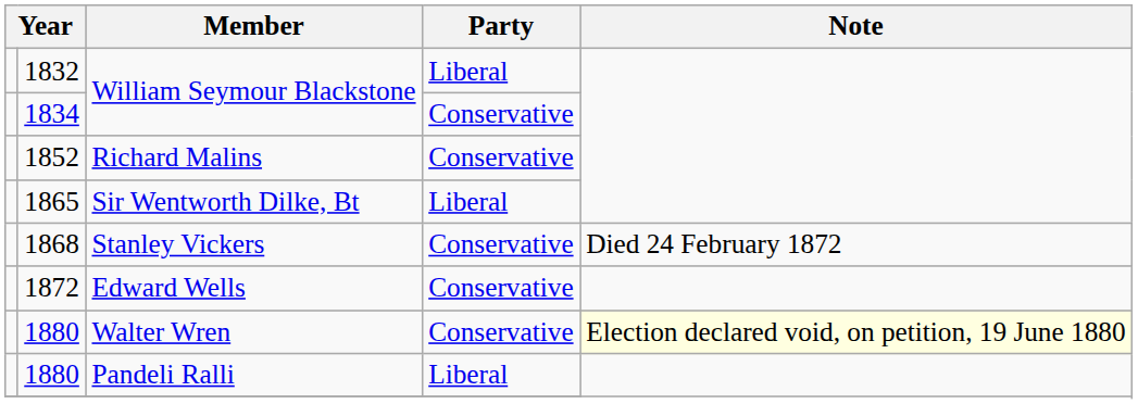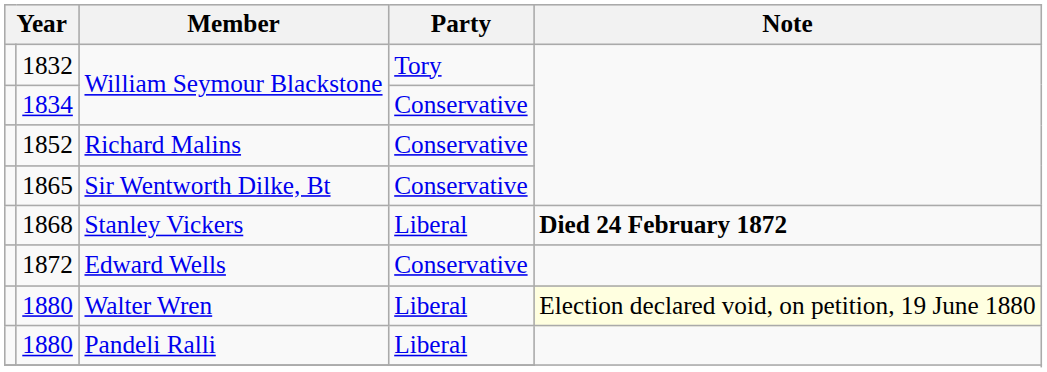 <table class="wikitable">
 <tr>
 <th colspan="2">Year</th>
 <th>Member</th>
 <th>Party</th>
 <th>Note</th>
 </tr>
 <tr>
 <td style="color:inherit;background-color: "></td>
 <td>1832</td>
 <td rowspan="2"><a href='#'>William Seymour Blackstone</a></td>
-<td><a href='#'>Liberal</a></td>
+<td><a href='#'>Tory</a></td>
 </tr>
 <tr>
 <td style="color:inherit;background-color: "></td>
 <td><a href='#'>1834</a></td>
 <td><a href='#'>Conservative</a></td>
 </tr>
 <tr>
 <td style="color:inherit;background-color: "></td>
 <td>1852</td>
 <td><a href='#'>Richard Malins</a></td>
 <td><a href='#'>Conservative</a></td>
 </tr>
 <tr>
 <td style="color:inherit;background-color: "></td>
 <td>1865</td>
 <td><a href='#'>Sir Wentworth Dilke, Bt</a></td>
-<td><a href='#'>Liberal</a></td>
+<td><a href='#'>Conservative</a></td>
 </tr>
 <tr>
 <td style="color:inherit;background-color: "></td>
 <td>1868</td>
 <td><a href='#'>Stanley Vickers</a></td>
-<td><a href='#'>Conservative</a></td>
-<td>Died 24 February 1872</td>
+<td><a href='#'>Liberal</a></td>
+<td><strong>Died 24 February 1872</strong></td>
 </tr>
 <tr>
 <td style="color:inherit;background-color: "></td>
 <td>1872</td>
 <td><a href='#'>Edward Wells</a></td>
 <td><a href='#'>Conservative</a></td>
 </tr>
 <tr>
 <td style="color:inherit;background-color: "></td>
 <td><a href='#'>1880</a></td>
 <td><a href='#'>Walter Wren</a></td>
-<td><a href='#'>Conservative</a></td>
+<td><a href='#'>Liberal</a></td>
 <td style="background: lightyellow;">Election declared void, on petition, 19 June 1880</td>
 </tr>
 <tr>
 <td style="color:inherit;background-color: "></td>
 <td><a href='#'>1880</a></td>
 <td><a href='#'>Pandeli Ralli</a></td>
 <td><a href='#'>Liberal</a></td>
 </tr>
 <tr>
 </tr>
 </table>
